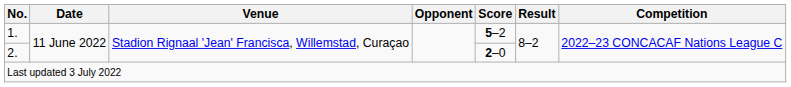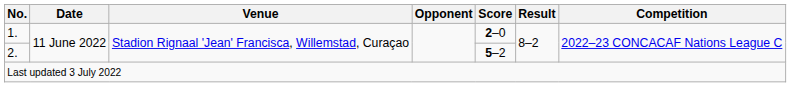 <table class="wikitable" style="font-size:85%;">
 <tr>
 <th>No.</th>
 <th>Date</th>
 <th>Venue</th>
 <th>Opponent</th>
 <th>Score</th>
 <th>Result</th>
 <th>Competition</th>
 </tr>
 <tr>
 <td>1.</td>
 <td rowspan=2>11 June 2022</td>
 <td rowspan=2><a href='#'>Stadion Rignaal 'Jean' Francisca</a>, <a href='#'>Willemstad</a>, Curaçao</td>
 <td rowspan=2></td>
-<td align=center><strong>5</strong>–2</td>
+<td align=center><strong>2</strong>–0</td>
 <td rowspan=2>8–2</td>
 <td rowspan=2><a href='#'>2022–23 CONCACAF Nations League C</a></td>
 </tr>
 <tr>
 <td>2.</td>
-<td align=center><strong>2</strong>–0</td>
+<td align=center><strong>5</strong>–2</td>
 </tr>
 <tr>
 <td colspan="7"><small>Last updated 3 July 2022</small></td>
 </tr>
 </table>
